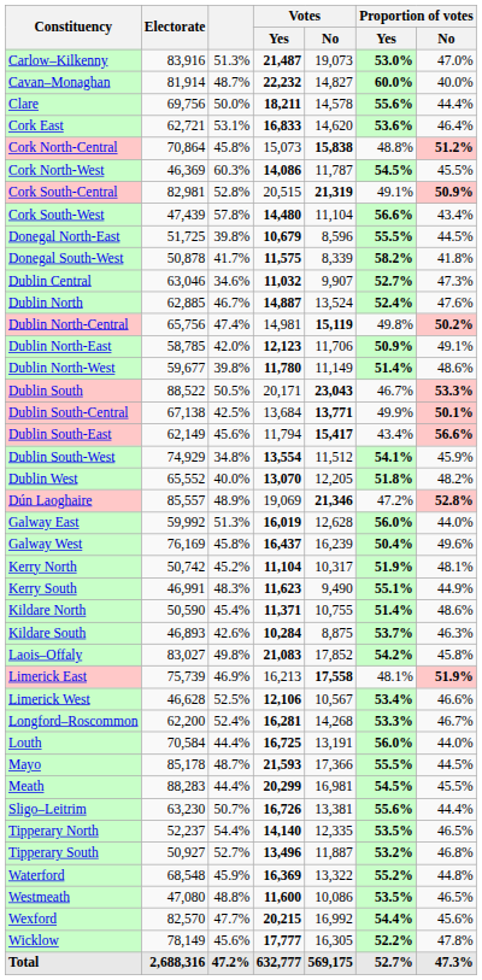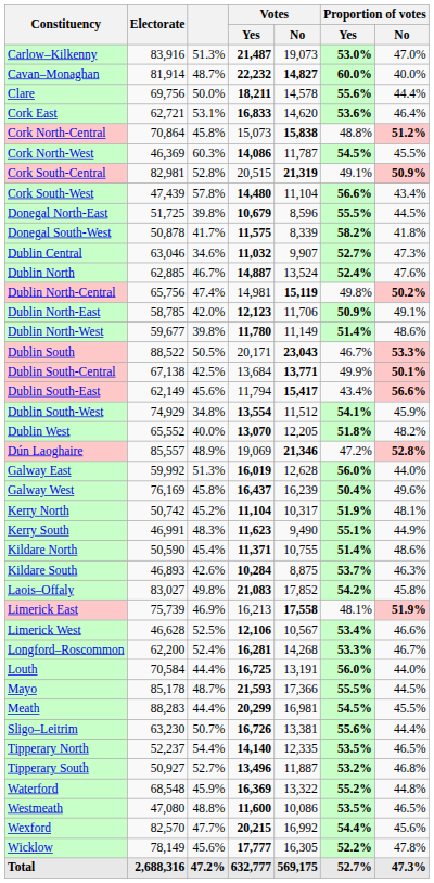 <table class="wikitable sortable">
 <tr>
 <th rowspan=2>Constituency</th>
 <th rowspan=2>Electorate</th>
 <th rowspan=2></th>
 <th colspan=2>Votes</th>
 <th colspan=2>Proportion of votes</th>
 </tr>
 <tr>
 <th>Yes</th>
 <th>No</th>
 <th>Yes</th>
 <th>No</th>
 </tr>
 <tr>
 <td style="background:#c8ffc8;"><a href='#'>Carlow–Kilkenny</a></td>
 <td style="text-align: right;">83,916</td>
 <td style="text-align: right;">51.3%</td>
 <td style="text-align: right;"><strong>21,487</strong></td>
 <td style="text-align: right;">19,073</td>
 <td style="text-align: right; background:#c8ffc8;"><strong>53.0%</strong></td>
 <td style="text-align: right;">47.0%</td>
 </tr>
 <tr>
 <td style="background:#c8ffc8;"><a href='#'>Cavan–Monaghan</a></td>
 <td style="text-align: right;">81,914</td>
 <td style="text-align: right;">48.7%</td>
 <td style="text-align: right;"><strong>22,232</strong></td>
-<td style="text-align: right;">14,827</td>
+<td style="text-align: right;"><strong>14,827</strong></td>
 <td style="text-align: right; background:#c8ffc8;"><strong>60.0%</strong></td>
 <td style="text-align: right;">40.0%</td>
 </tr>
 <tr>
 <td style="background:#c8ffc8;"><a href='#'>Clare</a></td>
 <td style="text-align: right;">69,756</td>
 <td style="text-align: right;">50.0%</td>
 <td style="text-align: right;"><strong>18,211</strong></td>
 <td style="text-align: right;">14,578</td>
 <td style="text-align: right; background:#c8ffc8;"><strong>55.6%</strong></td>
 <td style="text-align: right;">44.4%</td>
 </tr>
 <tr>
 <td style="background:#c8ffc8;"><a href='#'>Cork East</a></td>
 <td style="text-align: right;">62,721</td>
 <td style="text-align: right;">53.1%</td>
 <td style="text-align: right;"><strong>16,833</strong></td>
 <td style="text-align: right;">14,620</td>
 <td style="text-align: right; background:#c8ffc8;"><strong>53.6%</strong></td>
 <td style="text-align: right;">46.4%</td>
 </tr>
 <tr>
 <td style="background:#ffc8c8;"><a href='#'>Cork North-Central</a></td>
 <td style="text-align: right;">70,864</td>
 <td style="text-align: right;">45.8%</td>
 <td style="text-align: right;">15,073</td>
 <td style="text-align: right;"><strong>15,838</strong></td>
 <td style="text-align: right;">48.8%</td>
 <td style="text-align: right; background:#ffc8c8;"><strong>51.2%</strong></td>
 </tr>
 <tr>
 <td style="background:#c8ffc8;"><a href='#'>Cork North-West</a></td>
 <td style="text-align: right;">46,369</td>
 <td style="text-align: right;">60.3%</td>
 <td style="text-align: right;"><strong>14,086</strong></td>
 <td style="text-align: right;">11,787</td>
 <td style="text-align: right; background:#c8ffc8;"><strong>54.5%</strong></td>
 <td style="text-align: right;">45.5%</td>
 </tr>
 <tr>
 <td style="background:#ffc8c8;"><a href='#'>Cork South-Central</a></td>
 <td style="text-align: right;">82,981</td>
 <td style="text-align: right;">52.8%</td>
 <td style="text-align: right;">20,515</td>
 <td style="text-align: right;"><strong>21,319</strong></td>
 <td style="text-align: right;">49.1%</td>
 <td style="text-align: right; background:#ffc8c8;"><strong>50.9%</strong></td>
 </tr>
 <tr>
 <td style="background:#c8ffc8;"><a href='#'>Cork South-West</a></td>
 <td style="text-align: right;">47,439</td>
 <td style="text-align: right;">57.8%</td>
 <td style="text-align: right;"><strong>14,480</strong></td>
 <td style="text-align: right;">11,104</td>
 <td style="text-align: right; background:#c8ffc8;"><strong>56.6%</strong></td>
 <td style="text-align: right;">43.4%</td>
 </tr>
 <tr>
 <td style="background:#c8ffc8;"><a href='#'>Donegal North-East</a></td>
 <td style="text-align: right;">51,725</td>
 <td style="text-align: right;">39.8%</td>
 <td style="text-align: right;"><strong>10,679</strong></td>
 <td style="text-align: right;">8,596</td>
 <td style="text-align: right; background:#c8ffc8;"><strong>55.5%</strong></td>
 <td style="text-align: right;">44.5%</td>
 </tr>
 <tr>
 <td style="background:#c8ffc8;"><a href='#'>Donegal South-West</a></td>
 <td style="text-align: right;">50,878</td>
 <td style="text-align: right;">41.7%</td>
 <td style="text-align: right;"><strong>11,575</strong></td>
 <td style="text-align: right;">8,339</td>
 <td style="text-align: right; background:#c8ffc8;"><strong>58.2%</strong></td>
 <td style="text-align: right;">41.8%</td>
 </tr>
 <tr>
 <td style="background:#c8ffc8;"><a href='#'>Dublin Central</a></td>
 <td style="text-align: right;">63,046</td>
 <td style="text-align: right;">34.6%</td>
 <td style="text-align: right;"><strong>11,032</strong></td>
 <td style="text-align: right;">9,907</td>
 <td style="text-align: right; background:#c8ffc8;"><strong>52.7%</strong></td>
 <td style="text-align: right;">47.3%</td>
 </tr>
 <tr>
 <td style="background:#c8ffc8;"><a href='#'>Dublin North</a></td>
 <td style="text-align: right;">62,885</td>
 <td style="text-align: right;">46.7%</td>
 <td style="text-align: right;"><strong>14,887</strong></td>
 <td style="text-align: right;">13,524</td>
 <td style="text-align: right; background:#c8ffc8;"><strong>52.4%</strong></td>
 <td style="text-align: right;">47.6%</td>
 </tr>
 <tr>
 <td style="background:#ffc8c8;"><a href='#'>Dublin North-Central</a></td>
 <td style="text-align: right;">65,756</td>
 <td style="text-align: right;">47.4%</td>
 <td style="text-align: right;">14,981</td>
 <td style="text-align: right;"><strong>15,119</strong></td>
 <td style="text-align: right;">49.8%</td>
 <td style="text-align: right; background:#ffc8c8;"><strong>50.2%</strong></td>
 </tr>
 <tr>
 <td style="background:#c8ffc8;"><a href='#'>Dublin North-East</a></td>
 <td style="text-align: right;">58,785</td>
 <td style="text-align: right;">42.0%</td>
 <td style="text-align: right;"><strong>12,123</strong></td>
 <td style="text-align: right;">11,706</td>
 <td style="text-align: right; background:#c8ffc8;"><strong>50.9%</strong></td>
 <td style="text-align: right;">49.1%</td>
 </tr>
 <tr>
 <td style="background:#c8ffc8;"><a href='#'>Dublin North-West</a></td>
 <td style="text-align: right;">59,677</td>
 <td style="text-align: right;">39.8%</td>
 <td style="text-align: right;"><strong>11,780</strong></td>
 <td style="text-align: right;">11,149</td>
 <td style="text-align: right; background:#c8ffc8;"><strong>51.4%</strong></td>
 <td style="text-align: right;">48.6%</td>
 </tr>
 <tr>
 <td style="background:#ffc8c8;"><a href='#'>Dublin South</a></td>
 <td style="text-align: right;">88,522</td>
 <td style="text-align: right;">50.5%</td>
 <td style="text-align: right;">20,171</td>
 <td style="text-align: right;"><strong>23,043</strong></td>
 <td style="text-align: right;">46.7%</td>
 <td style="text-align: right; background:#ffc8c8;"><strong>53.3%</strong></td>
 </tr>
 <tr>
 <td style="background:#ffc8c8;"><a href='#'>Dublin South-Central</a></td>
 <td style="text-align: right;">67,138</td>
 <td style="text-align: right;">42.5%</td>
 <td style="text-align: right;">13,684</td>
 <td style="text-align: right;"><strong>13,771</strong></td>
 <td style="text-align: right;">49.9%</td>
 <td style="text-align: right; background:#ffc8c8;"><strong>50.1%</strong></td>
 </tr>
 <tr>
 <td style="background:#ffc8c8;"><a href='#'>Dublin South-East</a></td>
 <td style="text-align: right;">62,149</td>
 <td style="text-align: right;">45.6%</td>
 <td style="text-align: right;">11,794</td>
 <td style="text-align: right;"><strong>15,417</strong></td>
 <td style="text-align: right;">43.4%</td>
 <td style="text-align: right; background:#ffc8c8;"><strong>56.6%</strong></td>
 </tr>
 <tr>
 <td style="background:#c8ffc8;"><a href='#'>Dublin South-West</a></td>
 <td style="text-align: right;">74,929</td>
 <td style="text-align: right;">34.8%</td>
 <td style="text-align: right;"><strong>13,554</strong></td>
 <td style="text-align: right;">11,512</td>
 <td style="text-align: right; background:#c8ffc8;"><strong>54.1%</strong></td>
 <td style="text-align: right;">45.9%</td>
 </tr>
 <tr>
 <td style="background:#c8ffc8;"><a href='#'>Dublin West</a></td>
 <td style="text-align: right;">65,552</td>
 <td style="text-align: right;">40.0%</td>
 <td style="text-align: right;"><strong>13,070</strong></td>
 <td style="text-align: right;">12,205</td>
 <td style="text-align: right; background:#c8ffc8;"><strong>51.8%</strong></td>
 <td style="text-align: right;">48.2%</td>
 </tr>
 <tr>
 <td style="background:#ffc8c8;"><a href='#'>Dún Laoghaire</a></td>
 <td style="text-align: right;">85,557</td>
 <td style="text-align: right;">48.9%</td>
 <td style="text-align: right;">19,069</td>
 <td style="text-align: right;"><strong>21,346</strong></td>
 <td style="text-align: right;">47.2%</td>
 <td style="text-align: right; background:#ffc8c8;"><strong>52.8%</strong></td>
 </tr>
 <tr>
 <td style="background:#c8ffc8;"><a href='#'>Galway East</a></td>
 <td style="text-align: right;">59,992</td>
 <td style="text-align: right;">51.3%</td>
 <td style="text-align: right;"><strong>16,019</strong></td>
 <td style="text-align: right;">12,628</td>
 <td style="text-align: right; background:#c8ffc8;"><strong>56.0%</strong></td>
 <td style="text-align: right;">44.0%</td>
 </tr>
 <tr>
 <td style="background:#c8ffc8;"><a href='#'>Galway West</a></td>
 <td style="text-align: right;">76,169</td>
 <td style="text-align: right;">45.8%</td>
 <td style="text-align: right;"><strong>16,437</strong></td>
 <td style="text-align: right;">16,239</td>
 <td style="text-align: right; background:#c8ffc8;"><strong>50.4%</strong></td>
 <td style="text-align: right;">49.6%</td>
 </tr>
 <tr>
 <td style="background:#c8ffc8;"><a href='#'>Kerry North</a></td>
 <td style="text-align: right;">50,742</td>
 <td style="text-align: right;">45.2%</td>
 <td style="text-align: right;"><strong>11,104</strong></td>
 <td style="text-align: right;">10,317</td>
 <td style="text-align: right; background:#c8ffc8;"><strong>51.9%</strong></td>
 <td style="text-align: right;">48.1%</td>
 </tr>
 <tr>
 <td style="background:#c8ffc8;"><a href='#'>Kerry South</a></td>
 <td style="text-align: right;">46,991</td>
 <td style="text-align: right;">48.3%</td>
 <td style="text-align: right;"><strong>11,623</strong></td>
 <td style="text-align: right;">9,490</td>
 <td style="text-align: right; background:#c8ffc8;"><strong>55.1%</strong></td>
 <td style="text-align: right;">44.9%</td>
 </tr>
 <tr>
 <td style="background:#c8ffc8;"><a href='#'>Kildare North</a></td>
 <td style="text-align: right;">50,590</td>
 <td style="text-align: right;">45.4%</td>
 <td style="text-align: right;"><strong>11,371</strong></td>
 <td style="text-align: right;">10,755</td>
 <td style="text-align: right; background:#c8ffc8;"><strong>51.4%</strong></td>
 <td style="text-align: right;">48.6%</td>
 </tr>
 <tr>
 <td style="background:#c8ffc8;"><a href='#'>Kildare South</a></td>
 <td style="text-align: right;">46,893</td>
 <td style="text-align: right;">42.6%</td>
 <td style="text-align: right;"><strong>10,284</strong></td>
 <td style="text-align: right;">8,875</td>
 <td style="text-align: right; background:#c8ffc8;"><strong>53.7%</strong></td>
 <td style="text-align: right;">46.3%</td>
 </tr>
 <tr>
 <td style="background:#c8ffc8;"><a href='#'>Laois–Offaly</a></td>
 <td style="text-align: right;">83,027</td>
 <td style="text-align: right;">49.8%</td>
 <td style="text-align: right;"><strong>21,083</strong></td>
 <td style="text-align: right;">17,852</td>
 <td style="text-align: right; background:#c8ffc8;"><strong>54.2%</strong></td>
 <td style="text-align: right;">45.8%</td>
 </tr>
 <tr>
 <td style="background:#ffc8c8;"><a href='#'>Limerick East</a></td>
 <td style="text-align: right;">75,739</td>
 <td style="text-align: right;">46.9%</td>
 <td style="text-align: right;">16,213</td>
 <td style="text-align: right;"><strong>17,558</strong></td>
 <td style="text-align: right;">48.1%</td>
 <td style="text-align: right; background:#ffc8c8;"><strong>51.9%</strong></td>
 </tr>
 <tr>
 <td style="background:#c8ffc8;"><a href='#'>Limerick West</a></td>
 <td style="text-align: right;">46,628</td>
 <td style="text-align: right;">52.5%</td>
 <td style="text-align: right;"><strong>12,106</strong></td>
 <td style="text-align: right;">10,567</td>
 <td style="text-align: right; background:#c8ffc8;"><strong>53.4%</strong></td>
 <td style="text-align: right;">46.6%</td>
 </tr>
 <tr>
 <td style="background:#c8ffc8;"><a href='#'>Longford–Roscommon</a></td>
 <td style="text-align: right;">62,200</td>
 <td style="text-align: right;">52.4%</td>
 <td style="text-align: right;"><strong>16,281</strong></td>
 <td style="text-align: right;">14,268</td>
 <td style="text-align: right; background:#c8ffc8;"><strong>53.3%</strong></td>
 <td style="text-align: right;">46.7%</td>
 </tr>
 <tr>
 <td style="background:#c8ffc8;"><a href='#'>Louth</a></td>
 <td style="text-align: right;">70,584</td>
 <td style="text-align: right;">44.4%</td>
 <td style="text-align: right;"><strong>16,725</strong></td>
 <td style="text-align: right;">13,191</td>
 <td style="text-align: right; background:#c8ffc8;"><strong>56.0%</strong></td>
 <td style="text-align: right;">44.0%</td>
 </tr>
 <tr>
 <td style="background:#c8ffc8;"><a href='#'>Mayo</a></td>
 <td style="text-align: right;">85,178</td>
 <td style="text-align: right;">48.7%</td>
 <td style="text-align: right;"><strong>21,593</strong></td>
 <td style="text-align: right;">17,366</td>
 <td style="text-align: right; background:#c8ffc8;"><strong>55.5%</strong></td>
 <td style="text-align: right;">44.5%</td>
 </tr>
 <tr>
 <td style="background:#c8ffc8;"><a href='#'>Meath</a></td>
 <td style="text-align: right;">88,283</td>
 <td style="text-align: right;">44.4%</td>
 <td style="text-align: right;"><strong>20,299</strong></td>
 <td style="text-align: right;">16,981</td>
 <td style="text-align: right; background:#c8ffc8;"><strong>54.5%</strong></td>
 <td style="text-align: right;">45.5%</td>
 </tr>
 <tr>
 <td style="background:#c8ffc8;"><a href='#'>Sligo–Leitrim</a></td>
 <td style="text-align: right;">63,230</td>
 <td style="text-align: right;">50.7%</td>
 <td style="text-align: right;"><strong>16,726</strong></td>
 <td style="text-align: right;">13,381</td>
 <td style="text-align: right; background:#c8ffc8;"><strong>55.6%</strong></td>
 <td style="text-align: right;">44.4%</td>
 </tr>
 <tr>
 <td style="background:#c8ffc8;"><a href='#'>Tipperary North</a></td>
 <td style="text-align: right;">52,237</td>
 <td style="text-align: right;">54.4%</td>
 <td style="text-align: right;"><strong>14,140</strong></td>
 <td style="text-align: right;">12,335</td>
 <td style="text-align: right; background:#c8ffc8;"><strong>53.5%</strong></td>
 <td style="text-align: right;">46.5%</td>
 </tr>
 <tr>
 <td style="background:#c8ffc8;"><a href='#'>Tipperary South</a></td>
 <td style="text-align: right;">50,927</td>
 <td style="text-align: right;">52.7%</td>
 <td style="text-align: right;"><strong>13,496</strong></td>
 <td style="text-align: right;">11,887</td>
 <td style="text-align: right; background:#c8ffc8;"><strong>53.2%</strong></td>
 <td style="text-align: right;">46.8%</td>
 </tr>
 <tr>
 <td style="background:#c8ffc8;"><a href='#'>Waterford</a></td>
 <td style="text-align: right;">68,548</td>
 <td style="text-align: right;">45.9%</td>
 <td style="text-align: right;"><strong>16,369</strong></td>
 <td style="text-align: right;">13,322</td>
 <td style="text-align: right; background:#c8ffc8;"><strong>55.2%</strong></td>
 <td style="text-align: right;">44.8%</td>
 </tr>
 <tr>
 <td style="background:#c8ffc8;"><a href='#'>Westmeath</a></td>
 <td style="text-align: right;">47,080</td>
 <td style="text-align: right;">48.8%</td>
 <td style="text-align: right;"><strong>11,600</strong></td>
 <td style="text-align: right;">10,086</td>
 <td style="text-align: right; background:#c8ffc8;"><strong>53.5%</strong></td>
 <td style="text-align: right;">46.5%</td>
 </tr>
 <tr>
 <td style="background:#c8ffc8;"><a href='#'>Wexford</a></td>
 <td style="text-align: right;">82,570</td>
 <td style="text-align: right;">47.7%</td>
 <td style="text-align: right;"><strong>20,215</strong></td>
 <td style="text-align: right;">16,992</td>
 <td style="text-align: right; background:#c8ffc8;"><strong>54.4%</strong></td>
 <td style="text-align: right;">45.6%</td>
 </tr>
 <tr>
 <td style="background:#c8ffc8;"><a href='#'>Wicklow</a></td>
 <td style="text-align: right;">78,149</td>
 <td style="text-align: right;">45.6%</td>
 <td style="text-align: right;"><strong>17,777</strong></td>
 <td style="text-align: right;">16,305</td>
 <td style="text-align: right; background:#c8ffc8;"><strong>52.2%</strong></td>
 <td style="text-align: right;">47.8%</td>
 </tr>
 <tr class="sortbottom" style="font-weight:bold; background:rgb(232,232,232);">
 <td>Total</td>
 <td style="text-align: right;">2,688,316</td>
 <td style="text-align: right;">47.2%</td>
 <td style="text-align: right;">632,777</td>
 <td style="text-align: right;">569,175</td>
 <td style="text-align: right;">52.7%</td>
 <td style="text-align: right;">47.3%</td>
 </tr>
 </table>
